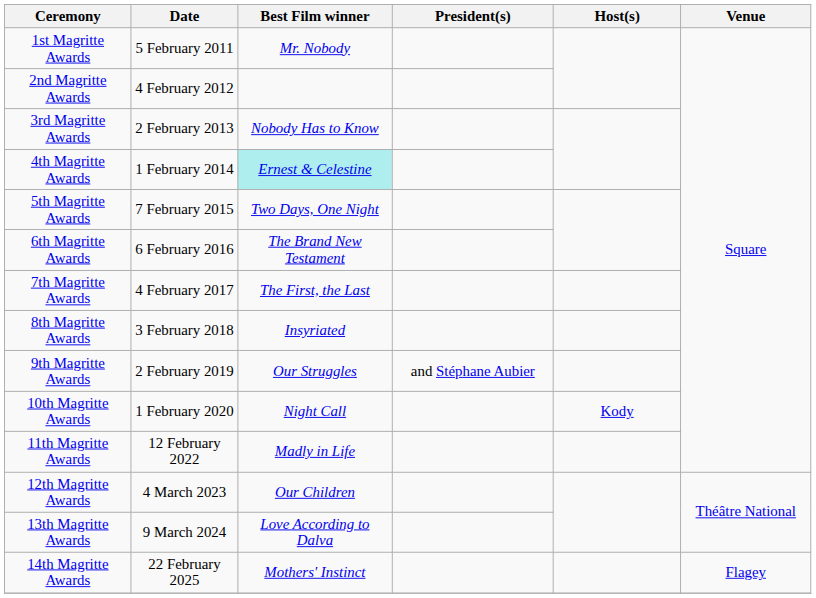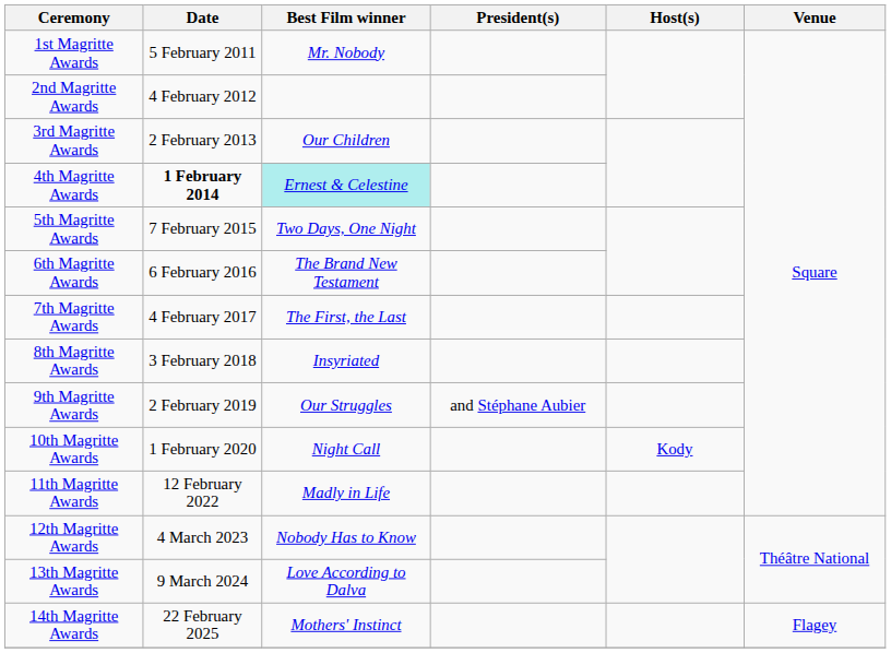 <table class="wikitable sortable" style="text-align: center">
 <tr>
 <th style="width:180px;">Ceremony</th>
 <th style="width:150px;">Date</th>
 <th style="width:240px;">Best Film winner</th>
 <th style="width:240px;">President(s)</th>
 <th style="width:200px;">Host(s)</th>
 <th style="width:200px;">Venue</th>
 </tr>
 <tr>
 <td><a href='#'>1st Magritte Awards</a></td>
 <td>5 February 2011</td>
 <td><em><a href='#'>Mr. Nobody</a></em></td>
 <td></td>
 <td rowspan="2"></td>
 <td rowspan="11"><a href='#'>Square</a></td>
 </tr>
 <tr>
 <td><a href='#'>2nd Magritte Awards</a></td>
 <td>4 February 2012</td>
 <td><em></em></td>
 <td></td>
 </tr>
 <tr>
 <td><a href='#'>3rd Magritte Awards</a></td>
 <td>2 February 2013</td>
-<td><em><a href='#'> Nobody Has to Know</a></em></td>
+<td><em><a href='#'>Our Children</a></em></td>
 <td></td>
 <td rowspan="2"></td>
 </tr>
 <tr>
 <td><a href='#'>4th Magritte Awards</a></td>
-<td>1 February 2014</td>
+<td><strong>1 February 2014</strong></td>
 <td style="background: paleturquoise;"><em><a href='#'>Ernest & Celestine</a></em></td>
 <td></td>
 </tr>
 <tr>
 <td><a href='#'>5th Magritte Awards</a></td>
 <td>7 February 2015</td>
 <td><em><a href='#'>Two Days, One Night</a></em></td>
 <td></td>
 <td rowspan="2"></td>
 </tr>
 <tr>
 <td><a href='#'>6th Magritte Awards</a></td>
 <td>6 February 2016</td>
 <td><em><a href='#'>The Brand New Testament</a></em></td>
 <td></td>
 </tr>
 <tr>
 <td><a href='#'>7th Magritte Awards</a></td>
 <td>4 February 2017</td>
 <td><em><a href='#'>The First, the Last</a></em></td>
 <td></td>
 <td></td>
 </tr>
 <tr>
 <td><a href='#'>8th Magritte Awards</a></td>
 <td>3 February 2018</td>
 <td><em><a href='#'>Insyriated</a></em></td>
 <td></td>
 <td></td>
 </tr>
 <tr>
 <td><a href='#'>9th Magritte Awards</a></td>
 <td>2 February 2019</td>
 <td><em><a href='#'>Our Struggles</a></em></td>
 <td> and <a href='#'>Stéphane Aubier</a></td>
 <td></td>
 </tr>
 <tr>
 <td><a href='#'>10th Magritte Awards</a></td>
 <td>1 February 2020</td>
 <td><em><a href='#'>Night Call</a></em></td>
 <td></td>
 <td><a href='#'>Kody</a></td>
 </tr>
 <tr>
 <td><a href='#'>11th Magritte Awards</a></td>
 <td>12 February 2022</td>
 <td><em><a href='#'>Madly in Life</a></em></td>
 <td></td>
 <td></td>
 </tr>
 <tr>
 <td><a href='#'>12th Magritte Awards</a></td>
 <td>4 March 2023</td>
-<td><em><a href='#'>Our Children</a></em></td>
+<td><em><a href='#'> Nobody Has to Know</a></em></td>
 <td></td>
 <td rowspan="2"></td>
 <td rowspan="2"><a href='#'>Théâtre National</a></td>
 </tr>
 <tr>
 <td><a href='#'>13th Magritte Awards</a></td>
 <td>9 March 2024</td>
 <td><em><a href='#'>Love According to Dalva</a></em></td>
 <td></td>
 </tr>
 <tr>
 <td><a href='#'>14th Magritte Awards</a></td>
 <td>22 February 2025</td>
 <td><em><a href='#'>Mothers' Instinct</a></em></td>
 <td></td>
 <td></td>
 <td><a href='#'>Flagey</a></td>
 </tr>
 <tr>
 </tr>
 </table>
